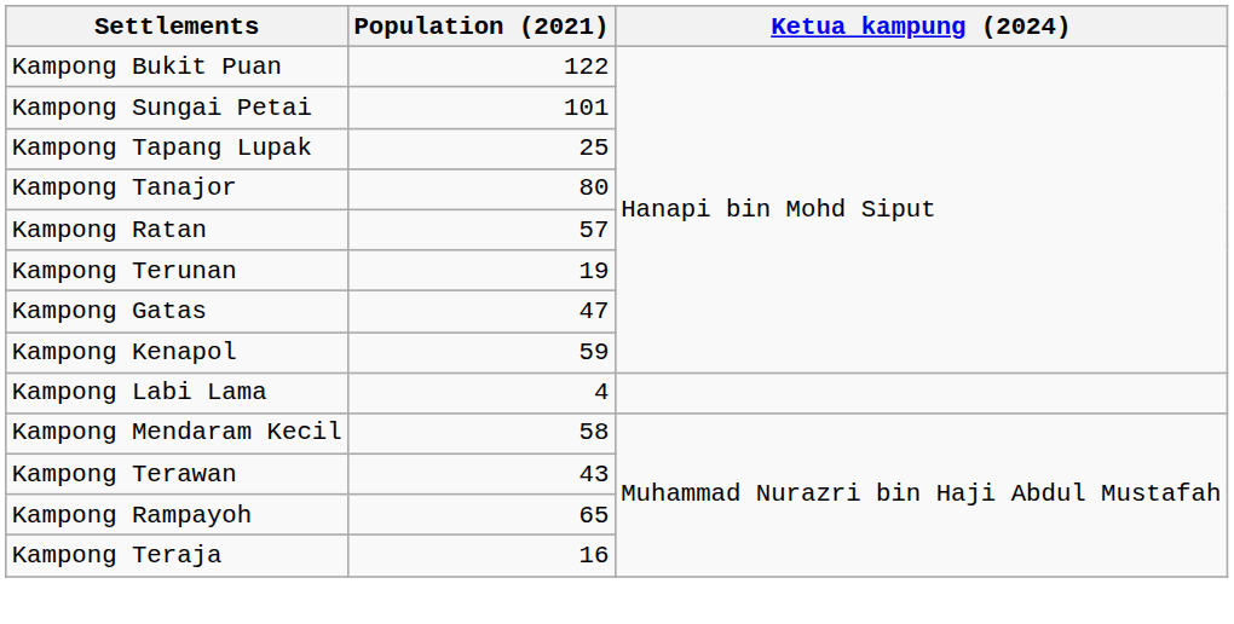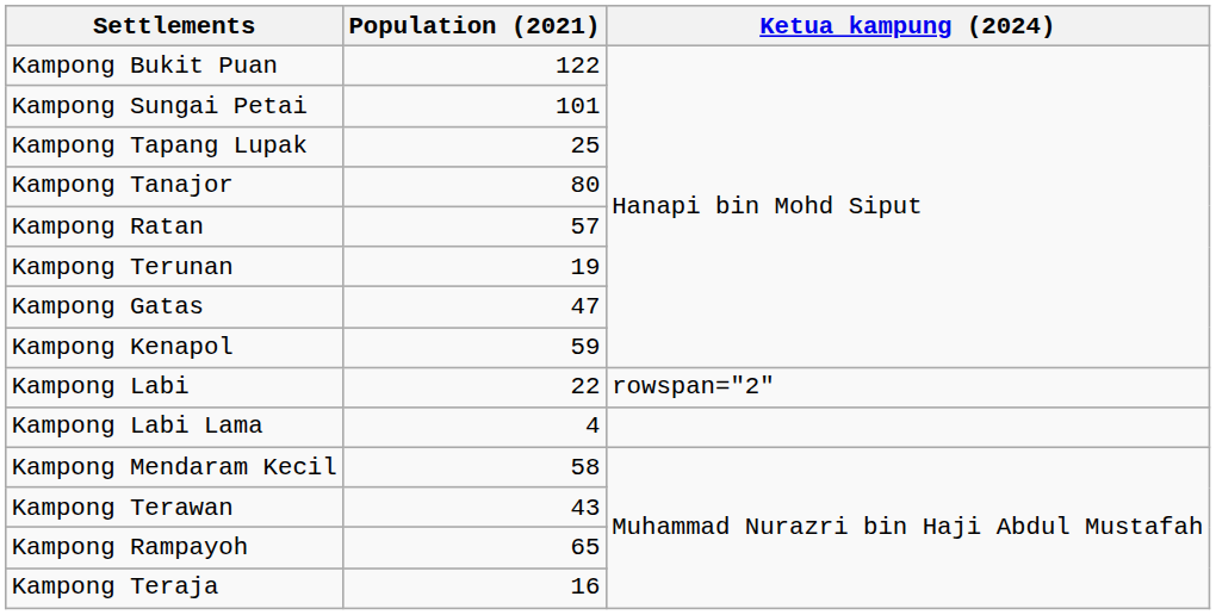 <table class="wikitable">
 <tr>
 <th>Settlements</th>
 <th>Population (2021)</th>
 <th><a href='#'>Ketua kampung</a> (2024)</th>
 </tr>
 <tr>
 <td>Kampong Bukit Puan</td>
 <td align="right">122</td>
 <td rowspan="8">Hanapi bin Mohd Siput</td>
 </tr>
 <tr>
 <td>Kampong Sungai Petai</td>
 <td align="right">101</td>
 </tr>
 <tr>
 <td>Kampong Tapang Lupak</td>
 <td align="right">25</td>
 </tr>
 <tr>
 <td>Kampong Tanajor</td>
 <td align="right">80</td>
 </tr>
 <tr>
 <td>Kampong Ratan</td>
 <td align="right">57</td>
 </tr>
 <tr>
 <td>Kampong Terunan</td>
 <td align="right">19</td>
 </tr>
 <tr>
 <td>Kampong Gatas</td>
 <td align="right">47</td>
 </tr>
 <tr>
 <td>Kampong Kenapol</td>
 <td align="right">59</td>
 </tr>
 <tr>
+<td>Kampong Labi</td>
+<td align="right">22</td>
+<td>rowspan="2" </td>
+</tr>
+<tr>
 <td>Kampong Labi Lama</td>
 <td align="right">4</td>
 </tr>
 <tr>
 <td>Kampong Mendaram Kecil</td>
 <td align="right">58</td>
 <td rowspan="4">Muhammad Nurazri bin Haji Abdul Mustafah</td>
 </tr>
 <tr>
 <td>Kampong Terawan</td>
 <td align="right">43</td>
 </tr>
 <tr>
 <td>Kampong Rampayoh</td>
 <td align="right">65</td>
 </tr>
 <tr>
 <td>Kampong Teraja</td>
 <td align="right">16</td>
 </tr>
 </table>
